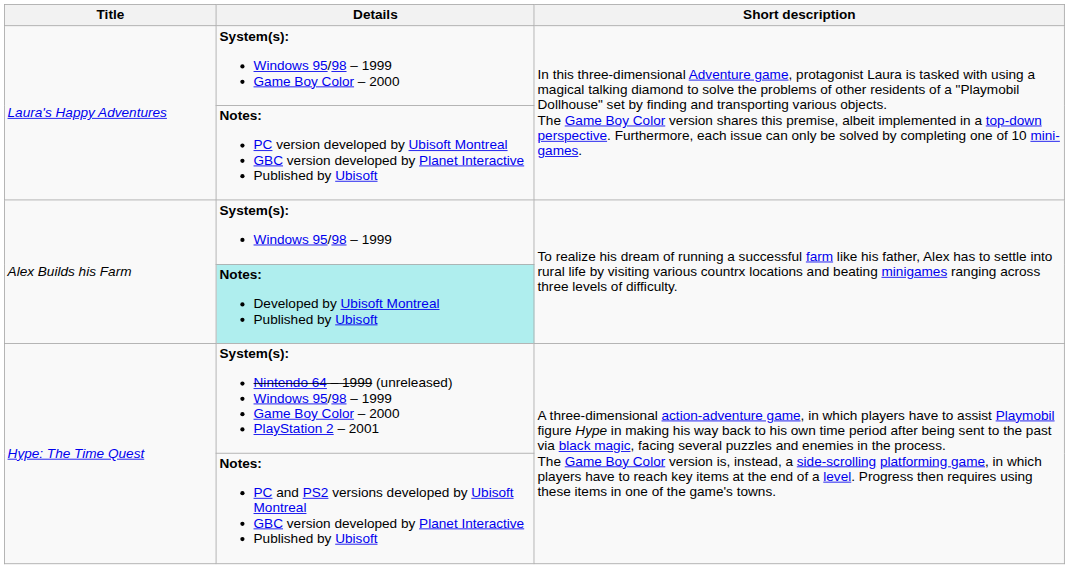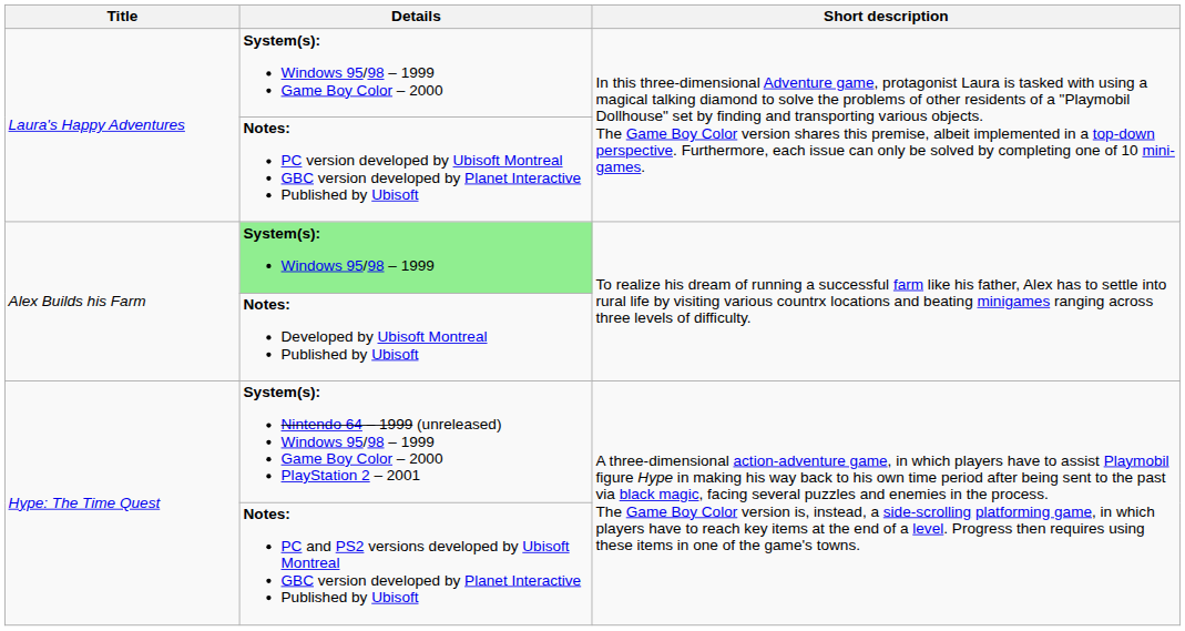 <table class="wikitable">
 <tr>
 <th style="width:20%;">Title</th>
 <th style="width:30%;">Details</th>
 <th style="width:50%;">Short description</th>
 </tr>
 <tr>
 <td rowspan="2"><div><em><a href='#'>Laura's Happy Adventures</a></em></div></td>
 <td><strong>System(s):</strong><br><ul><li><a href='#'>Windows 95</a>/<a href='#'>98</a> – 1999</li><li><a href='#'>Game Boy Color</a> – 2000</li></ul></td>
 <td rowspan="2">In this three-dimensional <a href='#'>Adventure game</a>, protagonist Laura is tasked with using a magical talking diamond to solve the problems of other residents of a "Playmobil Dollhouse" set by finding and transporting various objects.<br>The <a href='#'>Game Boy Color</a> version shares this premise, albeit implemented in a <a href='#'>top-down perspective</a>. Furthermore, each issue can only be solved by completing one of 10 <a href='#'>mini-games</a>.</td>
 </tr>
 <tr>
 <td><strong>Notes:</strong><br><ul><li><a href='#'>PC</a> version developed by <a href='#'>Ubisoft Montreal</a></li><li><a href='#'>GBC</a> version developed by <a href='#'>Planet Interactive</a></li><li>Published by <a href='#'>Ubisoft</a></li></ul></td>
 </tr>
 <tr>
 <td rowspan="2"><div><em>Alex Builds his Farm</em></div></td>
-<td><strong>System(s):</strong><br><ul><li><a href='#'>Windows 95</a>/<a href='#'>98</a> – 1999</li></ul></td>
+<td style="background: lightgreen;"><strong>System(s):</strong><br><ul><li><a href='#'>Windows 95</a>/<a href='#'>98</a> – 1999</li></ul></td>
 <td rowspan="2">To realize his dream of running a successful <a href='#'>farm</a> like his father, Alex has to settle into rural life by visiting various countrx locations and beating <a href='#'>minigames</a> ranging across three levels of difficulty.</td>
 </tr>
 <tr>
-<td style="background: paleturquoise;"><strong>Notes:</strong><br><ul><li>Developed by <a href='#'>Ubisoft Montreal</a></li><li>Published by <a href='#'>Ubisoft</a></li></ul></td>
+<td><strong>Notes:</strong><br><ul><li>Developed by <a href='#'>Ubisoft Montreal</a></li><li>Published by <a href='#'>Ubisoft</a></li></ul></td>
 </tr>
 <tr>
 <td rowspan="2"><div><em><a href='#'>Hype: The Time Quest</a></em></div></td>
 <td><strong>System(s):</strong><br><ul><li><s><a href='#'>Nintendo 64</a> – 1999</s> (unreleased)</li><li><a href='#'>Windows 95</a>/<a href='#'>98</a> – 1999</li><li><a href='#'>Game Boy Color</a> – 2000</li><li><a href='#'>PlayStation 2</a> – 2001</li></ul></td>
 <td rowspan="2">A three-dimensional <a href='#'>action-adventure game</a>, in which players have to assist <a href='#'>Playmobil</a> figure <em>Hype</em> in making his way back to his own time period after being sent to the past via <a href='#'>black magic</a>, facing several puzzles and enemies in the process.<br>The <a href='#'>Game Boy Color</a> version is, instead, a <a href='#'>side-scrolling</a> <a href='#'>platforming game</a>, in which players have to reach key items at the end of a <a href='#'>level</a>. Progress then requires using these items in one of the game's towns.</td>
 </tr>
 <tr>
 <td><strong>Notes:</strong><br><ul><li><a href='#'>PC</a> and <a href='#'>PS2</a> versions developed by <a href='#'>Ubisoft Montreal</a></li><li><a href='#'>GBC</a> version developed by <a href='#'>Planet Interactive</a></li><li>Published by <a href='#'>Ubisoft</a></li></ul></td>
 </tr>
 </table>
